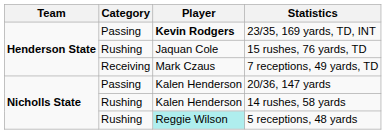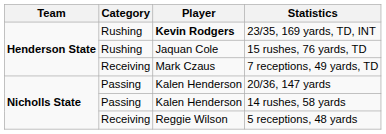 <table class="wikitable" style="float: left;">
 <tr>
 <th>Team</th>
 <th>Category</th>
 <th>Player</th>
 <th>Statistics</th>
 </tr>
 <tr>
 <td rowspan=3><strong>Henderson State</strong></td>
-<td>Passing</td>
+<td>Rushing</td>
 <td><strong>Kevin Rodgers</strong></td>
 <td>23/35, 169 yards, TD, INT</td>
 </tr>
 <tr>
 <td>Rushing</td>
 <td>Jaquan Cole</td>
 <td>15 rushes, 76 yards, TD</td>
 </tr>
 <tr>
 <td>Receiving</td>
 <td>Mark Czaus</td>
 <td>7 receptions, 49 yards, TD</td>
 </tr>
 <tr>
 <td rowspan=3><strong>Nicholls State</strong></td>
 <td>Passing</td>
 <td>Kalen Henderson</td>
 <td>20/36, 147 yards</td>
 </tr>
 <tr>
-<td>Rushing</td>
+<td>Passing</td>
 <td>Kalen Henderson</td>
 <td>14 rushes, 58 yards</td>
 </tr>
 <tr>
-<td>Rushing</td>
-<td style="background: paleturquoise;">Reggie Wilson</td>
+<td>Receiving</td>
+<td>Reggie Wilson</td>
 <td>5 receptions, 48 yards</td>
 </tr>
 </table>
